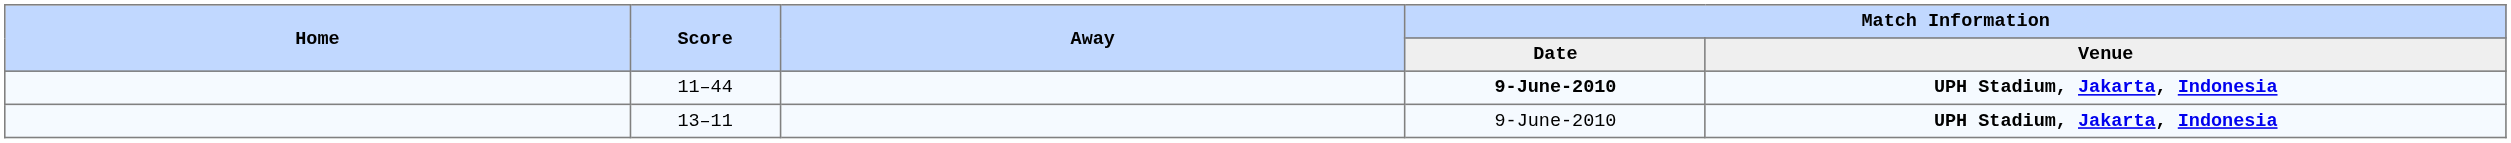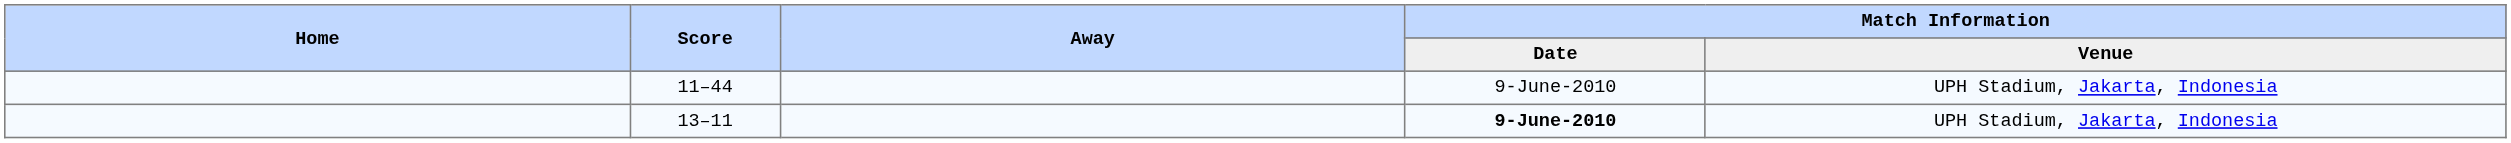 <table border=1 style="border-collapse:collapse; font-size:90%; text-align:center;" cellpadding=3 cellspacing=0 width=100%>
 <tr bgcolor=#C1D8FF>
 <th rowspan=2 width=25%>Home</th>
 <th rowspan=2 width=6%>Score</th>
 <th rowspan=2 width=25%>Away</th>
 <th colspan=6>Match Information</th>
 </tr>
 <tr bgcolor=#EFEFEF>
 <th width=12%>Date</th>
 <th width=32%>Venue</th>
 </tr>
 <tr bgcolor=#F5FAFF>
 <td align=right></td>
 <td>11–44</td>
 <td align=left><strong></strong></td>
-<td><strong>9-June-2010</strong></td>
-<td><strong>UPH Stadium, <a href='#'>Jakarta</a>, <a href='#'>Indonesia</a></strong></td>
+<td>9-June-2010</td>
+<td>UPH Stadium, <a href='#'>Jakarta</a>, <a href='#'>Indonesia</a></td>
 </tr>
 <tr bgcolor=#F5FAFF>
 <td align=right><strong></strong></td>
 <td>13–11</td>
 <td align=left></td>
-<td>9-June-2010</td>
-<td><strong>UPH Stadium, <a href='#'>Jakarta</a>, <a href='#'>Indonesia</a></strong></td>
+<td><strong>9-June-2010</strong></td>
+<td>UPH Stadium, <a href='#'>Jakarta</a>, <a href='#'>Indonesia</a></td>
 </tr>
 </table>
